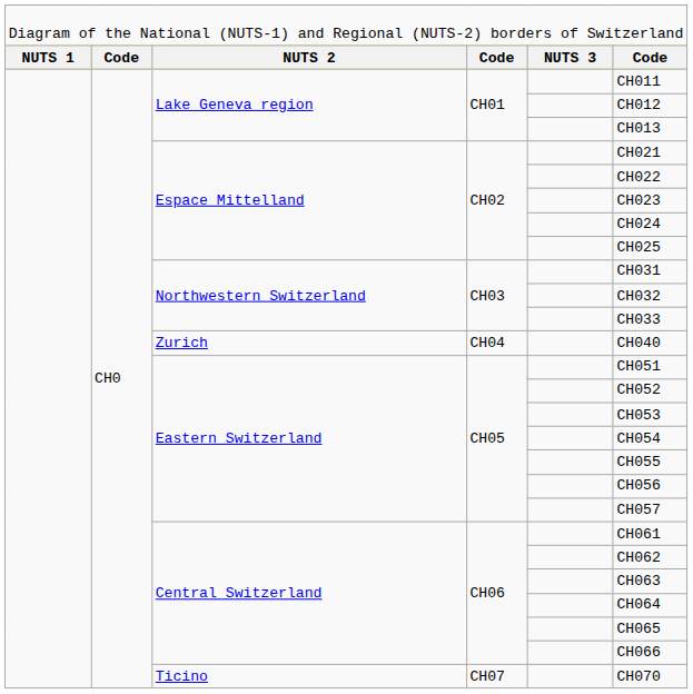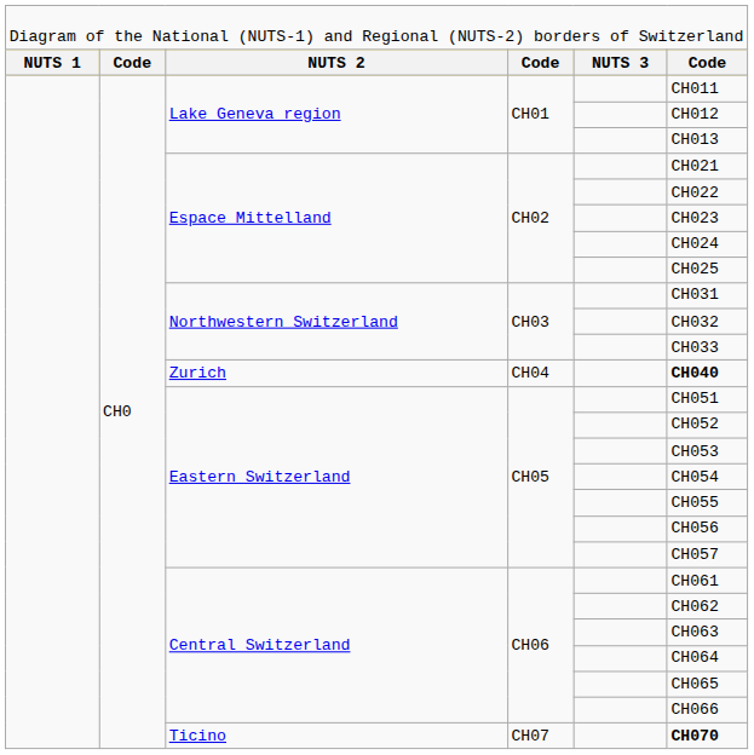 <table class="wikitable">
 <tr>
 <td colspan="6"><br>Diagram of the National (NUTS-1) and Regional (NUTS-2) borders of Switzerland</td>
 </tr>
 <tr style="background-color:#ffd700;text-align:left;">
 <th>NUTS 1</th>
 <th>Code</th>
 <th>NUTS 2</th>
 <th>Code</th>
 <th>NUTS 3</th>
 <th>Code</th>
 </tr>
 <tr>
 <td rowspan=26></td>
 <td rowspan=26>CH0</td>
 <td rowspan=3><a href='#'>Lake Geneva region</a></td>
 <td rowspan=3>CH01</td>
 <td></td>
 <td>CH011</td>
 </tr>
 <tr>
 <td></td>
 <td>CH012</td>
 </tr>
 <tr>
 <td></td>
 <td>CH013</td>
 </tr>
 <tr>
 <td rowspan=5><a href='#'>Espace Mittelland</a></td>
 <td rowspan=5>CH02</td>
 <td></td>
 <td>CH021</td>
 </tr>
 <tr>
 <td></td>
 <td>CH022</td>
 </tr>
 <tr>
 <td></td>
 <td>CH023</td>
 </tr>
 <tr>
 <td></td>
 <td>CH024</td>
 </tr>
 <tr>
 <td></td>
 <td>CH025</td>
 </tr>
 <tr>
 <td rowspan=3><a href='#'>Northwestern Switzerland</a></td>
 <td rowspan=3>CH03</td>
 <td></td>
 <td>CH031</td>
 </tr>
 <tr>
 <td></td>
 <td>CH032</td>
 </tr>
 <tr>
 <td></td>
 <td>CH033</td>
 </tr>
 <tr>
 <td><a href='#'>Zurich</a></td>
 <td>CH04</td>
 <td></td>
-<td>CH040</td>
+<td><strong>CH040</strong></td>
 </tr>
 <tr>
 <td rowspan=7><a href='#'>Eastern Switzerland</a></td>
 <td rowspan=7>CH05</td>
 <td></td>
 <td>CH051</td>
 </tr>
 <tr>
 <td></td>
 <td>CH052</td>
 </tr>
 <tr>
 <td></td>
 <td>CH053</td>
 </tr>
 <tr>
 <td></td>
 <td>CH054</td>
 </tr>
 <tr>
 <td></td>
 <td>CH055</td>
 </tr>
 <tr>
 <td></td>
 <td>CH056</td>
 </tr>
 <tr>
 <td></td>
 <td>CH057</td>
 </tr>
 <tr>
 <td rowspan=6><a href='#'>Central Switzerland</a></td>
 <td rowspan=6>CH06</td>
 <td></td>
 <td>CH061</td>
 </tr>
 <tr>
 <td></td>
 <td>CH062</td>
 </tr>
 <tr>
 <td></td>
 <td>CH063</td>
 </tr>
 <tr>
 <td></td>
 <td>CH064</td>
 </tr>
 <tr>
 <td></td>
 <td>CH065</td>
 </tr>
 <tr>
 <td></td>
 <td>CH066</td>
 </tr>
 <tr>
 <td><a href='#'>Ticino</a></td>
 <td>CH07</td>
 <td></td>
-<td>CH070</td>
+<td><strong>CH070</strong></td>
 </tr>
 </table>
